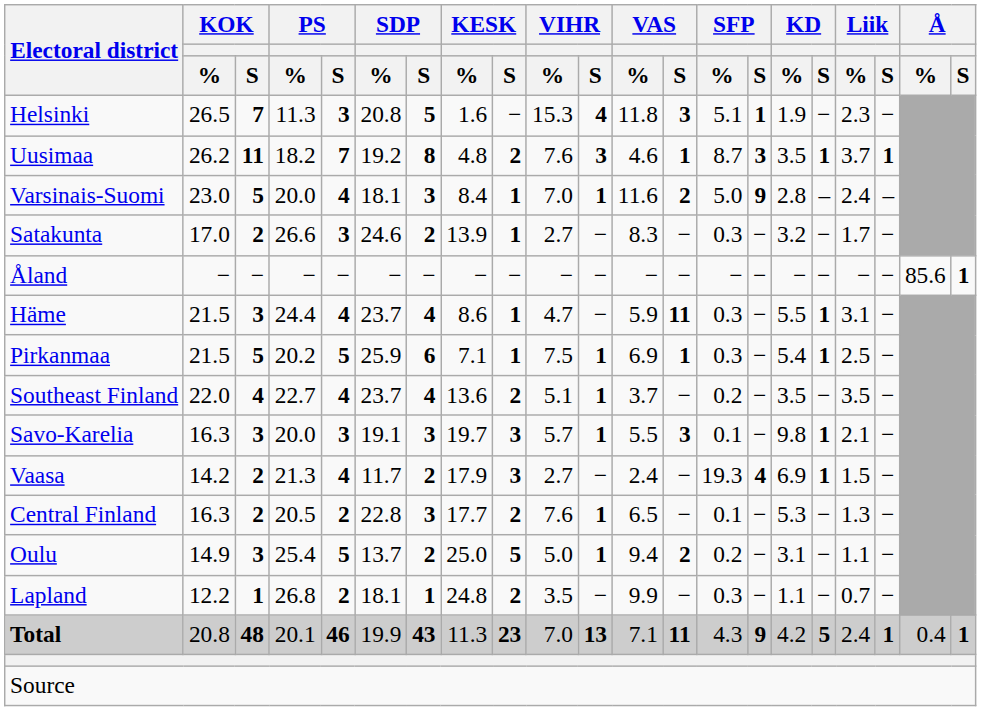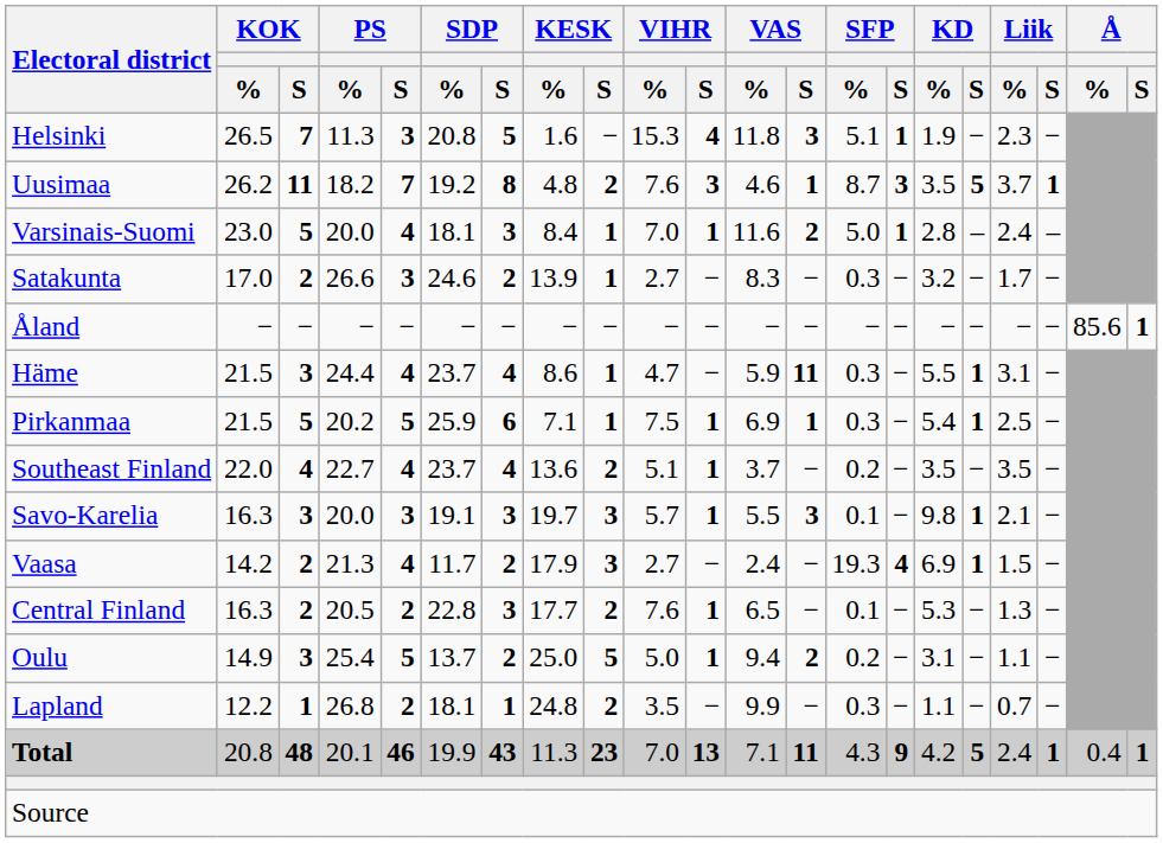 <table class="wikitable sortable" style="text-align:right; line-height:20px;">
 <tr>
 <th rowspan="3"><a href='#'>Electoral district</a></th>
 <th colspan="2" width="30px" class="unsortable"><a href='#'>KOK</a></th>
 <th colspan="2" width="30px" class="unsortable"><a href='#'>PS</a></th>
 <th colspan="2" width="30px" class="unsortable"><a href='#'>SDP</a></th>
 <th colspan="2" width="30px" class="unsortable"><a href='#'>KESK</a></th>
 <th colspan="2" width="30px" class="unsortable"><a href='#'>VIHR</a></th>
 <th colspan="2" width="30px" class="unsortable"><a href='#'>VAS</a></th>
 <th colspan="2" width="30px" class="unsortable"><a href='#'>SFP</a></th>
 <th colspan="2" width="30px" class="unsortable"><a href='#'>KD</a></th>
 <th colspan="2" width="30px" class="unsortable"><a href='#'>Liik</a></th>
 <th colspan="2" width="30px" class="unsortable"><a href='#'>Å</a></th>
 </tr>
 <tr>
 <th colspan="2" style="background:"></th>
 <th colspan="2" style="background:"></th>
 <th colspan="2" style="background:"></th>
 <th colspan="2" style="background:"></th>
 <th colspan="2" style="background:"></th>
 <th colspan="2" style="background:"></th>
 <th colspan="2" style="background:"></th>
 <th colspan="2" style="background:"></th>
 <th colspan="2" style="background:"></th>
 <th colspan="2" style="background:"></th>
 </tr>
 <tr>
 <th data-sort-type="number">%</th>
 <th data-sort-type="number">S</th>
 <th data-sort-type="number">%</th>
 <th data-sort-type="number">S</th>
 <th data-sort-type="number">%</th>
 <th data-sort-type="number">S</th>
 <th data-sort-type="number">%</th>
 <th data-sort-type="number">S</th>
 <th data-sort-type="number">%</th>
 <th data-sort-type="number">S</th>
 <th data-sort-type="number">%</th>
 <th data-sort-type="number">S</th>
 <th data-sort-type="number">%</th>
 <th data-sort-type="number">S</th>
 <th data-sort-type="number">%</th>
 <th data-sort-type="number">S</th>
 <th data-sort-type="number">%</th>
 <th data-sort-type="number">S</th>
 <th data-sort-type="number">%</th>
 <th data-sort-type="number">S</th>
 </tr>
 <tr>
 <td align="left"><a href='#'>Helsinki</a></td>
 <td style="background:">26.5</td>
 <td><strong>7</strong></td>
 <td>11.3</td>
 <td><strong>3</strong></td>
 <td>20.8</td>
 <td><strong>5</strong></td>
 <td>1.6</td>
 <td>−</td>
 <td>15.3</td>
 <td><strong>4</strong></td>
 <td>11.8</td>
 <td><strong>3</strong></td>
 <td>5.1</td>
 <td><strong>1</strong></td>
 <td>1.9</td>
 <td>−</td>
 <td>2.3</td>
 <td>−</td>
 <td colspan="2" rowspan="4" bgcolor="#AAAAAA"></td>
 </tr>
 <tr>
 <td align="left"><a href='#'>Uusimaa</a></td>
 <td style="background:">26.2</td>
 <td><strong>11</strong></td>
 <td>18.2</td>
 <td><strong>7</strong></td>
 <td>19.2</td>
 <td><strong>8</strong></td>
 <td>4.8</td>
 <td><strong>2</strong></td>
 <td>7.6</td>
 <td><strong>3</strong></td>
 <td>4.6</td>
 <td><strong>1</strong></td>
 <td>8.7</td>
 <td><strong>3</strong></td>
 <td>3.5</td>
-<td><strong>1</strong></td>
+<td><strong>5</strong></td>
 <td>3.7</td>
 <td><strong>1</strong></td>
 </tr>
 <tr>
 <td align="left"><a href='#'>Varsinais-Suomi</a></td>
 <td style="background:">23.0</td>
 <td><strong>5</strong></td>
 <td>20.0</td>
 <td><strong>4</strong></td>
 <td>18.1</td>
 <td><strong>3</strong></td>
 <td>8.4</td>
 <td><strong>1</strong></td>
 <td>7.0</td>
 <td><strong>1</strong></td>
 <td>11.6</td>
 <td><strong>2</strong></td>
 <td>5.0</td>
-<td><strong>9</strong></td>
+<td><strong>1</strong></td>
 <td>2.8</td>
 <td>–</td>
 <td>2.4</td>
 <td>–</td>
 </tr>
 <tr>
 <td align="left"><a href='#'>Satakunta</a></td>
 <td>17.0</td>
 <td><strong>2</strong></td>
 <td style="background:">26.6</td>
 <td><strong>3</strong></td>
 <td>24.6</td>
 <td><strong>2</strong></td>
 <td>13.9</td>
 <td><strong>1</strong></td>
 <td>2.7</td>
 <td>−</td>
 <td>8.3</td>
 <td>−</td>
 <td>0.3</td>
 <td>−</td>
 <td>3.2</td>
 <td>−</td>
 <td>1.7</td>
 <td>−</td>
 </tr>
 <tr>
 <td align="left"><a href='#'>Åland</a></td>
 <td>−</td>
 <td>−</td>
 <td>−</td>
 <td>−</td>
 <td>−</td>
 <td>−</td>
 <td>−</td>
 <td>−</td>
 <td>−</td>
 <td>−</td>
 <td>−</td>
 <td>−</td>
 <td>−</td>
 <td>−</td>
 <td>−</td>
 <td>−</td>
 <td>−</td>
 <td>−</td>
 <td style="background:">85.6</td>
 <td><strong>1</strong></td>
 </tr>
 <tr>
 <td align="left"><a href='#'>Häme</a></td>
 <td>21.5</td>
 <td><strong>3</strong></td>
 <td style="background:">24.4</td>
 <td><strong>4</strong></td>
 <td>23.7</td>
 <td><strong>4</strong></td>
 <td>8.6</td>
 <td><strong>1</strong></td>
 <td>4.7</td>
 <td>−</td>
 <td>5.9</td>
 <td><strong>11</strong></td>
 <td>0.3</td>
 <td>−</td>
 <td>5.5</td>
 <td><strong>1</strong></td>
 <td>3.1</td>
 <td>−</td>
 <td colspan="2" rowspan="8" bgcolor="#AAAAAA"></td>
 </tr>
 <tr>
 <td align="left"><a href='#'>Pirkanmaa</a></td>
 <td>21.5</td>
 <td><strong>5</strong></td>
 <td>20.2</td>
 <td><strong>5</strong></td>
 <td style="background:">25.9</td>
 <td><strong>6</strong></td>
 <td>7.1</td>
 <td><strong>1</strong></td>
 <td>7.5</td>
 <td><strong>1</strong></td>
 <td>6.9</td>
 <td><strong>1</strong></td>
 <td>0.3</td>
 <td>−</td>
 <td>5.4</td>
 <td><strong>1</strong></td>
 <td>2.5</td>
 <td>−</td>
 </tr>
 <tr>
 <td align="left"><a href='#'>Southeast Finland</a></td>
 <td>22.0</td>
 <td><strong>4</strong></td>
 <td>22.7</td>
 <td><strong>4</strong></td>
 <td style="background:">23.7</td>
 <td><strong>4</strong></td>
 <td>13.6</td>
 <td><strong>2</strong></td>
 <td>5.1</td>
 <td><strong>1</strong></td>
 <td>3.7</td>
 <td>−</td>
 <td>0.2</td>
 <td>−</td>
 <td>3.5</td>
 <td>−</td>
 <td>3.5</td>
 <td>−</td>
 </tr>
 <tr>
 <td align="left"><a href='#'>Savo-Karelia</a></td>
 <td>16.3</td>
 <td><strong>3</strong></td>
 <td style="background:">20.0</td>
 <td><strong>3</strong></td>
 <td>19.1</td>
 <td><strong>3</strong></td>
 <td>19.7</td>
 <td><strong>3</strong></td>
 <td>5.7</td>
 <td><strong>1</strong></td>
 <td>5.5</td>
 <td><strong>3</strong></td>
 <td>0.1</td>
 <td>−</td>
 <td>9.8</td>
 <td><strong>1</strong></td>
 <td>2.1</td>
 <td>−</td>
 </tr>
 <tr>
 <td align="left"><a href='#'>Vaasa</a></td>
 <td>14.2</td>
 <td><strong>2</strong></td>
 <td style="background:">21.3</td>
 <td><strong>4</strong></td>
 <td>11.7</td>
 <td><strong>2</strong></td>
 <td>17.9</td>
 <td><strong>3</strong></td>
 <td>2.7</td>
 <td>−</td>
 <td>2.4</td>
 <td>−</td>
 <td>19.3</td>
 <td><strong>4</strong></td>
 <td>6.9</td>
 <td><strong>1</strong></td>
 <td>1.5</td>
 <td>−</td>
 </tr>
 <tr>
 <td align="left"><a href='#'>Central Finland</a></td>
 <td>16.3</td>
 <td><strong>2</strong></td>
 <td>20.5</td>
 <td><strong>2</strong></td>
 <td style="background:">22.8</td>
 <td><strong>3</strong></td>
 <td>17.7</td>
 <td><strong>2</strong></td>
 <td>7.6</td>
 <td><strong>1</strong></td>
 <td>6.5</td>
 <td>−</td>
 <td>0.1</td>
 <td>−</td>
 <td>5.3</td>
 <td>−</td>
 <td>1.3</td>
 <td>−</td>
 </tr>
 <tr>
 <td align="left"><a href='#'>Oulu</a></td>
 <td>14.9</td>
 <td><strong>3</strong></td>
 <td style="background:">25.4</td>
 <td><strong>5</strong></td>
 <td>13.7</td>
 <td><strong>2</strong></td>
 <td>25.0</td>
 <td><strong>5</strong></td>
 <td>5.0</td>
 <td><strong>1</strong></td>
 <td>9.4</td>
 <td><strong>2</strong></td>
 <td>0.2</td>
 <td>−</td>
 <td>3.1</td>
 <td>−</td>
 <td>1.1</td>
 <td>−</td>
 </tr>
 <tr>
 <td align="left"><a href='#'>Lapland</a></td>
 <td>12.2</td>
 <td><strong>1</strong></td>
 <td style="background:">26.8</td>
 <td><strong>2</strong></td>
 <td>18.1</td>
 <td><strong>1</strong></td>
 <td>24.8</td>
 <td><strong>2</strong></td>
 <td>3.5</td>
 <td>−</td>
 <td>9.9</td>
 <td>−</td>
 <td>0.3</td>
 <td>−</td>
 <td>1.1</td>
 <td>−</td>
 <td>0.7</td>
 <td>−</td>
 </tr>
 <tr style="background:#CDCDCD;">
 <td align="left"><strong>Total</strong></td>
 <td style="background:">20.8</td>
 <td><strong>48</strong></td>
 <td>20.1</td>
 <td><strong>46</strong></td>
 <td>19.9</td>
 <td><strong>43</strong></td>
 <td>11.3</td>
 <td><strong>23</strong></td>
 <td>7.0</td>
 <td><strong>13</strong></td>
 <td>7.1</td>
 <td><strong>11</strong></td>
 <td>4.3</td>
 <td><strong>9</strong></td>
 <td>4.2</td>
 <td><strong>5</strong></td>
 <td>2.4</td>
 <td><strong>1</strong></td>
 <td>0.4</td>
 <td><strong>1</strong></td>
 </tr>
 <tr>
 <th colspan="21"></th>
 </tr>
 <tr>
 <th colspan="21" style="text-align:left; font-weight:normal; background:#F9F9F9">Source </th>
 </tr>
 </table>
